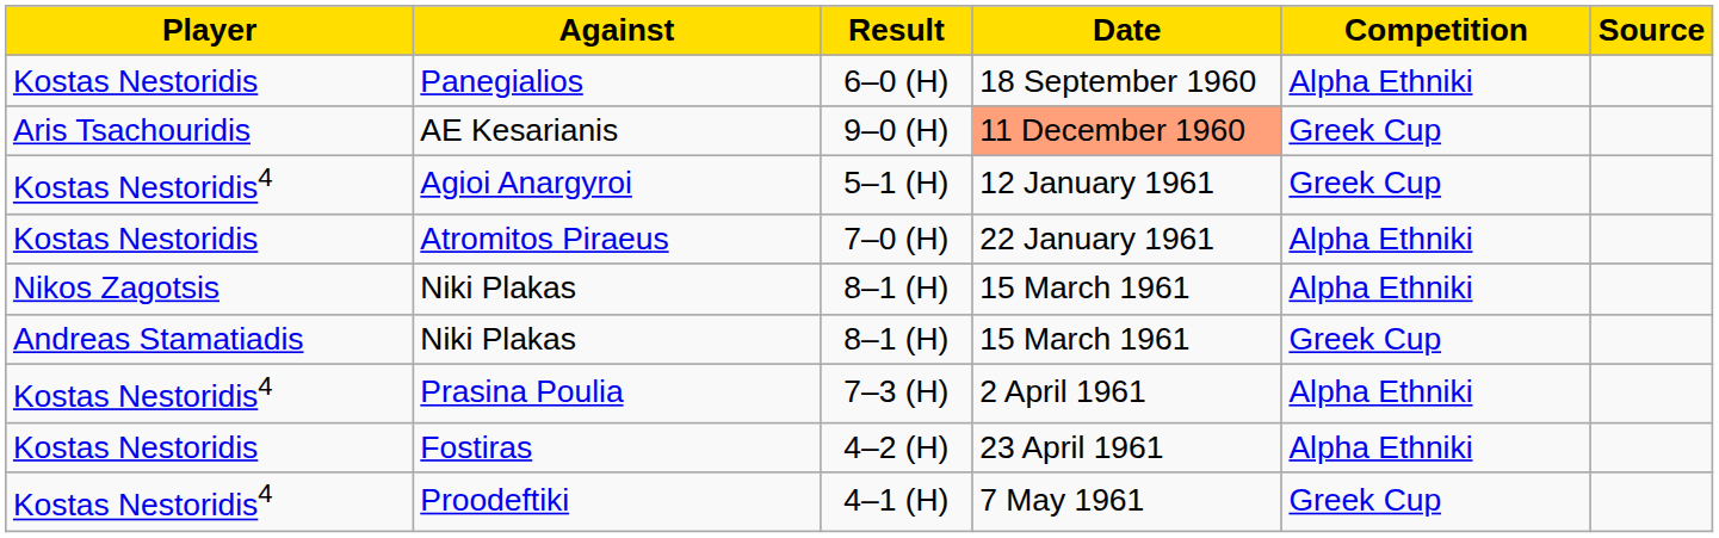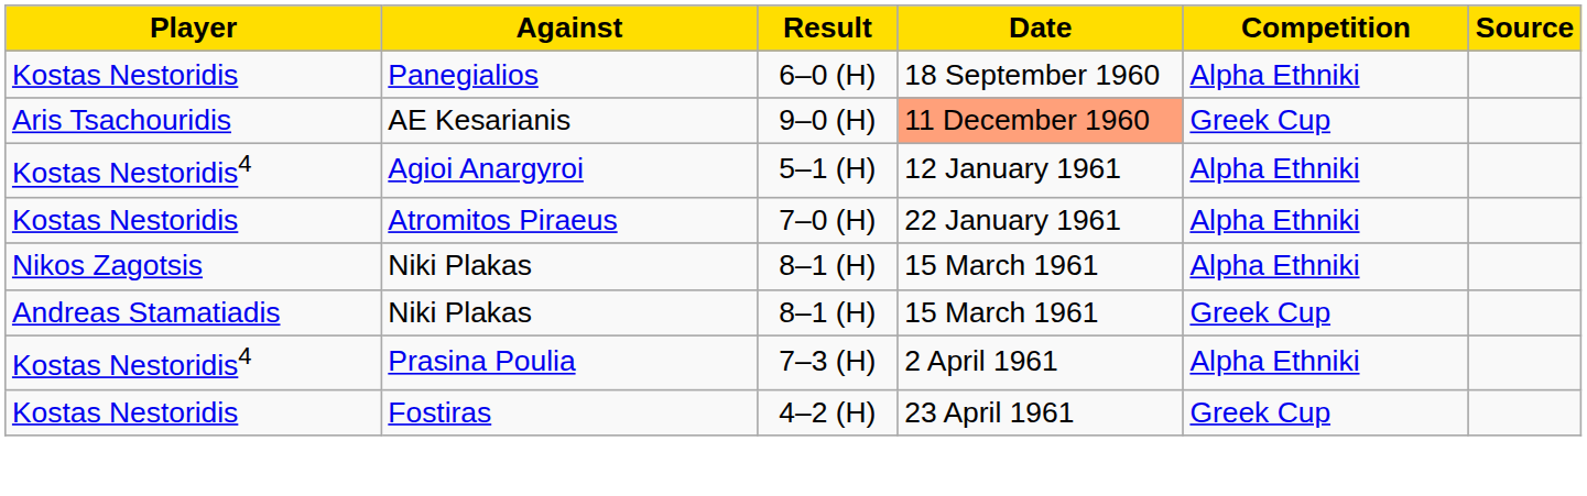 <table class="wikitable">
 <tr>
 <th width=200 style="background:#FFDE00">Player</th>
 <th width=200 style="background:#FFDE00">Against</th>
 <th width=70 style="background:#FFDE00">Result</th>
 <th width=150 style="background:#FFDE00">Date</th>
 <th width=150 style="background:#FFDE00">Competition</th>
 <th style="background:#FFDE00">Source</th>
 </tr>
 <tr>
 <td> <a href='#'>Kostas Nestoridis</a></td>
 <td> <a href='#'>Panegialios</a></td>
 <td align=center>6–0 (H)</td>
 <td>18 September 1960</td>
 <td><a href='#'>Alpha Ethniki</a></td>
 <td align=center></td>
 </tr>
 <tr>
 <td> <a href='#'>Aris Tsachouridis</a></td>
 <td> AE Kesarianis</td>
 <td align=center>9–0 (H)</td>
 <td style="background: lightsalmon;">11 December 1960</td>
 <td><a href='#'>Greek Cup</a></td>
 <td align=center></td>
 </tr>
 <tr>
 <td> <a href='#'>Kostas Nestoridis</a><sup>4</sup></td>
 <td> <a href='#'>Agioi Anargyroi</a></td>
 <td align=center>5–1 (H)</td>
 <td>12 January 1961</td>
-<td><a href='#'>Greek Cup</a></td>
+<td><a href='#'>Alpha Ethniki</a></td>
 <td align=center></td>
 </tr>
 <tr>
 <td> <a href='#'>Kostas Nestoridis</a></td>
 <td> <a href='#'>Atromitos Piraeus</a></td>
 <td align=center>7–0 (H)</td>
 <td>22 January 1961</td>
 <td><a href='#'>Alpha Ethniki</a></td>
 <td align=center></td>
 </tr>
 <tr>
 <td> <a href='#'>Nikos Zagotsis</a></td>
 <td> Niki Plakas</td>
 <td align=center>8–1 (H)</td>
 <td>15 March 1961</td>
 <td><a href='#'>Alpha Ethniki</a></td>
 <td align=center></td>
 </tr>
 <tr>
 <td> <a href='#'>Andreas Stamatiadis</a></td>
 <td> Niki Plakas</td>
 <td align=center>8–1 (H)</td>
 <td>15 March 1961</td>
 <td><a href='#'>Greek Cup</a></td>
 <td align=center></td>
 </tr>
 <tr>
 <td> <a href='#'>Kostas Nestoridis</a><sup>4</sup></td>
 <td> <a href='#'>Prasina Poulia</a></td>
 <td align=center>7–3 (H)</td>
 <td>2 April 1961</td>
 <td><a href='#'>Alpha Ethniki</a></td>
 <td align=center></td>
 </tr>
 <tr>
 <td> <a href='#'>Kostas Nestoridis</a></td>
 <td> <a href='#'>Fostiras</a></td>
 <td align=center>4–2 (H)</td>
 <td>23 April 1961</td>
-<td><a href='#'>Alpha Ethniki</a></td>
-<td align=center></td>
-</tr>
-<tr>
-<td> <a href='#'>Kostas Nestoridis</a><sup>4</sup></td>
-<td> <a href='#'>Proodeftiki</a></td>
-<td align=center>4–1 (H)</td>
-<td>7 May 1961</td>
 <td><a href='#'>Greek Cup</a></td>
 <td align=center></td>
 </tr>
 </table>
